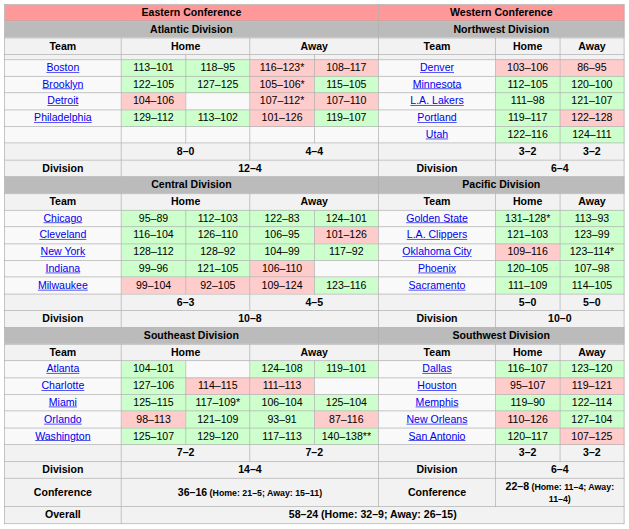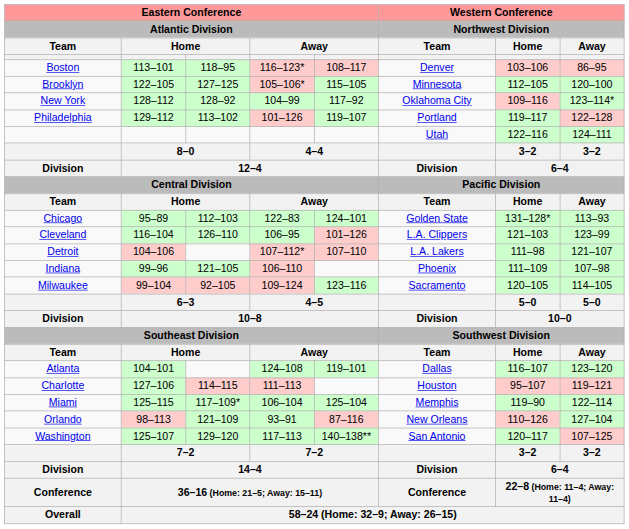 <table class="wikitable" style="font-size: 100%; text-align:center;">
 <tr>
 <th colspan="5" style="background:#FF9999;">Eastern Conference</th>
 <th colspan="3" style="background:#FF9999;">Western Conference</th>
 </tr>
 <tr>
 <th colspan="5" style="background:#BBBBBB;">Atlantic Division</th>
 <th colspan="3" style="background:#BBBBBB;">Northwest Division</th>
 </tr>
 <tr>
 <th colspan="1">Team</th>
 <th colspan="2">Home</th>
 <th colspan="2">Away</th>
 <th colspan="1">Team</th>
 <th colspan="1">Home</th>
 <th colspan="1">Away</th>
 </tr>
 <tr>
 <th width=170></th>
 <th width=90></th>
 <th width=90></th>
 <th width=90></th>
 <th width=90></th>
 <th width=170></th>
 <th width=90></th>
 <th width=90></th>
 </tr>
 <tr>
 <td><a href='#'>Boston</a></td>
 <td style="background:#cfc">113–101</td>
 <td style="background:#cfc">118–95</td>
 <td style="background:#fcc">116–123*</td>
 <td style="background:#fcc">108–117</td>
 <td><a href='#'>Denver</a></td>
 <td style="background:#fcc">103–106</td>
 <td style="background:#fcc">86–95</td>
 </tr>
 <tr>
 <td><a href='#'>Brooklyn</a></td>
 <td style="background:#cfc">122–105</td>
 <td style="background:#cfc">127–125</td>
 <td style="background:#fcc">105–106*</td>
 <td style="background:#cfc">115–105</td>
 <td><a href='#'>Minnesota</a></td>
 <td style="background:#cfc">112–105</td>
 <td style="background:#cfc">120–100</td>
 </tr>
 <tr>
-<td><a href='#'>Detroit</a></td>
-<td style="background:#fcc">104–106</td>
-<td></td>
-<td style="background:#fcc">107–112*</td>
-<td style="background:#fcc">107–110</td>
-<td><a href='#'>L.A. Lakers</a></td>
-<td style="background:#cfc">111–98</td>
-<td style="background:#cfc">121–107</td>
+<td><a href='#'>New York</a></td>
+<td style="background:#cfc">128–112</td>
+<td style="background:#cfc">128–92</td>
+<td style="background:#cfc">104–99</td>
+<td style="background:#cfc">117–92</td>
+<td><a href='#'>Oklahoma City</a></td>
+<td style="background:#fcc">109–116</td>
+<td style="background:#cfc">123–114*</td>
 </tr>
 <tr>
 <td><a href='#'>Philadelphia</a></td>
 <td style="background:#cfc">129–112</td>
 <td style="background:#cfc">113–102</td>
 <td style="background:#fcc">101–126</td>
 <td style="background:#cfc">119–107</td>
 <td><a href='#'>Portland</a></td>
 <td style="background:#cfc">119–117</td>
 <td style="background:#fcc">122–128</td>
 </tr>
 <tr>
 <td></td>
 <td></td>
 <td></td>
 <td></td>
 <td></td>
 <td><a href='#'>Utah</a></td>
 <td style="background:#cfc">122–116</td>
 <td style="background:#cfc">124–111</td>
 </tr>
 <tr>
 <th colspan="1"></th>
 <th colspan="2">8–0</th>
 <th colspan="2">4–4</th>
 <th colspan="1"></th>
 <th colspan="1">3–2</th>
 <th colspan="1">3–2</th>
 </tr>
 <tr>
 <th colspan="1">Division</th>
 <th colspan="4">12–4</th>
 <th colspan="1">Division</th>
 <th colspan="2">6–4</th>
 </tr>
 <tr>
 <th colspan="5" style="background:#BBBBBB;">Central Division</th>
 <th colspan="3" style="background:#BBBBBB;">Pacific Division</th>
 </tr>
 <tr>
 <th colspan="1">Team</th>
 <th colspan="2">Home</th>
 <th colspan="2">Away</th>
 <th colspan="1">Team</th>
 <th colspan="1">Home</th>
 <th colspan="1">Away</th>
 </tr>
 <tr>
 <td><a href='#'>Chicago</a></td>
 <td style="background:#cfc">95–89</td>
 <td style="background:#cfc">112–103</td>
 <td style="background:#cfc">122–83</td>
 <td style="background:#cfc">124–101</td>
 <td><a href='#'>Golden State</a></td>
 <td style="background:#cfc">131–128*</td>
 <td style="background:#cfc">113–93</td>
 </tr>
 <tr>
 <td><a href='#'>Cleveland</a></td>
 <td style="background:#cfc">116–104</td>
 <td style="background:#cfc">126–110</td>
 <td style="background:#cfc">106–95</td>
 <td style="background:#fcc">101–126</td>
 <td><a href='#'>L.A. Clippers</a></td>
 <td style="background:#cfc">121–103</td>
 <td style="background:#cfc">123–99</td>
 </tr>
 <tr>
-<td><a href='#'>New York</a></td>
-<td style="background:#cfc">128–112</td>
-<td style="background:#cfc">128–92</td>
-<td style="background:#cfc">104–99</td>
-<td style="background:#cfc">117–92</td>
-<td><a href='#'>Oklahoma City</a></td>
-<td style="background:#fcc">109–116</td>
-<td style="background:#cfc">123–114*</td>
+<td><a href='#'>Detroit</a></td>
+<td style="background:#fcc">104–106</td>
+<td></td>
+<td style="background:#fcc">107–112*</td>
+<td style="background:#fcc">107–110</td>
+<td><a href='#'>L.A. Lakers</a></td>
+<td style="background:#cfc">111–98</td>
+<td style="background:#cfc">121–107</td>
 </tr>
 <tr>
 <td><a href='#'>Indiana</a></td>
 <td style="background:#cfc">99–96</td>
 <td style="background:#cfc">121–105</td>
 <td style="background:#fcc">106–110</td>
 <td></td>
 <td><a href='#'>Phoenix</a></td>
-<td style="background:#cfc">120–105</td>
+<td style="background:#cfc">111–109</td>
 <td style="background:#cfc">107–98</td>
 </tr>
 <tr>
 <td><a href='#'>Milwaukee</a></td>
 <td style="background:#fcc">99–104</td>
 <td style="background:#fcc">92–105</td>
 <td style="background:#fcc">109–124</td>
 <td style="background:#cfc">123–116</td>
 <td><a href='#'>Sacramento</a></td>
-<td style="background:#cfc">111–109</td>
+<td style="background:#cfc">120–105</td>
 <td style="background:#cfc">114–105</td>
 </tr>
 <tr>
 <th colspan="1"></th>
 <th colspan="2">6–3</th>
 <th colspan="2">4–5</th>
 <th colspan="1"></th>
 <th colspan="1">5–0</th>
 <th colspan="1">5–0</th>
 </tr>
 <tr>
 <th colspan="1">Division</th>
 <th colspan="4">10–8</th>
 <th colspan="1">Division</th>
 <th colspan="2">10–0</th>
 </tr>
 <tr>
 <th colspan="5" style="background:#BBBBBB;">Southeast Division</th>
 <th colspan="3" style="background:#BBBBBB;">Southwest Division</th>
 </tr>
 <tr>
 <th colspan="1">Team</th>
 <th colspan="2">Home</th>
 <th colspan="2">Away</th>
 <th colspan="1">Team</th>
 <th colspan="1">Home</th>
 <th colspan="1">Away</th>
 </tr>
 <tr>
 <td><a href='#'>Atlanta</a></td>
 <td style="background:#cfc">104–101</td>
 <td></td>
 <td style="background:#cfc">124–108</td>
 <td style="background:#cfc">119–101</td>
 <td><a href='#'>Dallas</a></td>
 <td style="background:#cfc">116–107</td>
 <td style="background:#cfc">123–120</td>
 </tr>
 <tr>
 <td><a href='#'>Charlotte</a></td>
 <td style="background:#cfc">127–106</td>
 <td style="background:#fcc">114–115</td>
 <td style="background:#fcc">111–113</td>
 <td></td>
 <td><a href='#'>Houston</a></td>
 <td style="background:#fcc">95–107</td>
 <td style="background:#fcc">119–121</td>
 </tr>
 <tr>
 <td><a href='#'>Miami</a></td>
 <td style="background:#cfc">125–115</td>
 <td style="background:#cfc">117–109*</td>
 <td style="background:#cfc">106–104</td>
 <td style="background:#cfc">125–104</td>
 <td><a href='#'>Memphis</a></td>
 <td style="background:#cfc">119–90</td>
 <td style="background:#cfc">122–114</td>
 </tr>
 <tr>
 <td><a href='#'>Orlando</a></td>
 <td style="background:#fcc">98–113</td>
 <td style="background:#cfc">121–109</td>
 <td style="background:#cfc">93–91</td>
 <td style="background:#fcc">87–116</td>
 <td><a href='#'>New Orleans</a></td>
 <td style="background:#fcc">110–126</td>
 <td style="background:#cfc">127–104</td>
 </tr>
 <tr>
 <td><a href='#'>Washington</a></td>
 <td style="background:#cfc">125–107</td>
 <td style="background:#cfc">129–120</td>
 <td style="background:#cfc">117–113</td>
 <td style="background:#cfc">140–138**</td>
 <td><a href='#'>San Antonio</a></td>
 <td style="background:#cfc">120–117</td>
 <td style="background:#fcc">107–125</td>
 </tr>
 <tr>
 <th colspan="1"></th>
 <th colspan="2">7–2</th>
 <th colspan="2">7–2</th>
 <th colspan="1"></th>
 <th colspan="1">3–2</th>
 <th colspan="1">3–2</th>
 </tr>
 <tr>
 <th colspan="1">Division</th>
 <th colspan="4">14–4</th>
 <th colspan="1">Division</th>
 <th colspan="2">6–4</th>
 </tr>
 <tr>
 <th colspan="1">Conference</th>
 <th colspan="4">36–16<small> (Home: 21–5; Away: 15–11)</small></th>
 <th colspan="1">Conference</th>
 <th colspan="2">22–8<small> (Home: 11–4; Away: 11–4)</small></th>
 </tr>
 <tr>
 <th colspan="1">Overall</th>
 <th colspan="7">58–24 (Home: 32–9;  Away: 26–15)</th>
 </tr>
 </table>
